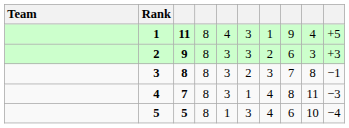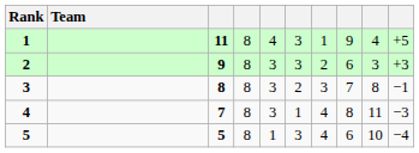 <table class="wikitable" style="text-align: center;">
 <tr>
+<th width=30>Rank</th>
 <th width=165 style="text-align:left;">Team</th>
-<th width=30>Rank</th>
 <th width=20></th>
 <th width=20></th>
 <th width=20></th>
 <th width=20></th>
 <th width=20></th>
 <th width=20></th>
 <th width=20></th>
 <th width=20></th>
 </tr>
 <tr style="background:#ccffcc;">
+<td><strong>1</strong></td>
 <td style="text-align:left;"></td>
-<td><strong>1</strong></td>
 <td><strong>11</strong></td>
 <td>8</td>
 <td>4</td>
 <td>3</td>
 <td>1</td>
 <td>9</td>
 <td>4</td>
 <td>+5</td>
 </tr>
 <tr style="background:#ccffcc;">
+<td><strong>2</strong></td>
 <td style="text-align:left;"></td>
-<td><strong>2</strong></td>
 <td><strong>9</strong></td>
 <td>8</td>
 <td>3</td>
 <td>3</td>
 <td>2</td>
 <td>6</td>
 <td>3</td>
 <td>+3</td>
 </tr>
 <tr>
+<td><strong>3</strong></td>
 <td style="text-align:left;"></td>
-<td><strong>3</strong></td>
 <td><strong>8</strong></td>
 <td>8</td>
 <td>3</td>
 <td>2</td>
 <td>3</td>
 <td>7</td>
 <td>8</td>
 <td>−1</td>
 </tr>
 <tr>
+<td><strong>4</strong></td>
 <td style="text-align:left;"></td>
-<td><strong>4</strong></td>
 <td><strong>7</strong></td>
 <td>8</td>
 <td>3</td>
 <td>1</td>
 <td>4</td>
 <td>8</td>
 <td>11</td>
 <td>−3</td>
 </tr>
 <tr>
+<td><strong>5</strong></td>
 <td style="text-align:left;"></td>
-<td><strong>5</strong></td>
 <td><strong>5</strong></td>
 <td>8</td>
 <td>1</td>
 <td>3</td>
 <td>4</td>
 <td>6</td>
 <td>10</td>
 <td>−4</td>
 </tr>
 </table>
